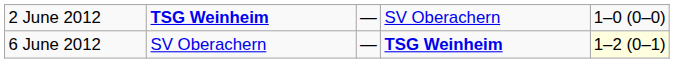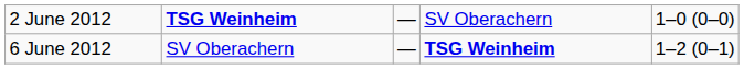 <table class="wikitable">
 <tr>
 <td style="width: 8em;">2 June 2012</td>
 <td style="width: 12em;"><strong><a href='#'>TSG Weinheim</a></strong></td>
 <td style="text-align: center;">—</td>
 <td style="width: 12em;"><a href='#'>SV Oberachern</a></td>
 <td>1–0 (0–0)</td>
 </tr>
 <tr>
 <td>6 June 2012</td>
 <td><a href='#'>SV Oberachern</a></td>
 <td style="text-align: center;">—</td>
 <td><strong><a href='#'>TSG Weinheim</a></strong></td>
-<td style="background: lightyellow;">1–2 (0–1)</td>
+<td>1–2 (0–1)</td>
 </tr>
 </table>
